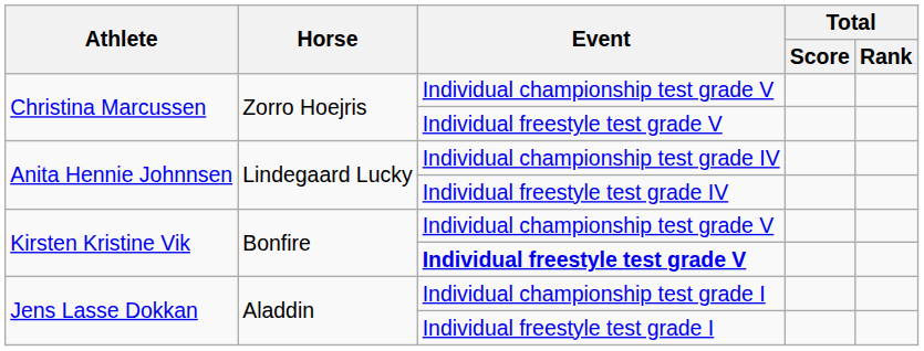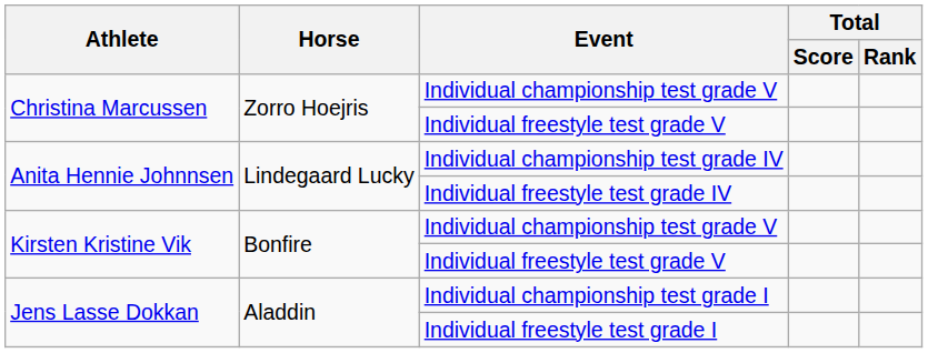 <table class=wikitable style="font-size:90%">
 <tr>
 <th rowspan="2">Athlete</th>
 <th rowspan="2">Horse</th>
 <th rowspan="2">Event</th>
 <th colspan="2">Total</th>
 </tr>
 <tr>
 <th>Score</th>
 <th>Rank</th>
 </tr>
 <tr>
 <td rowspan="2"><a href='#'>Christina Marcussen</a></td>
 <td rowspan="2">Zorro Hoejris</td>
 <td><a href='#'>Individual championship test grade V</a></td>
 <td align=center></td>
 <td align=center></td>
 </tr>
 <tr>
 <td><a href='#'>Individual freestyle test grade V</a></td>
 <td align=center></td>
 <td align=center></td>
 </tr>
 <tr>
 <td rowspan="2"><a href='#'>Anita Hennie Johnnsen</a></td>
 <td rowspan="2">Lindegaard Lucky</td>
 <td><a href='#'>Individual championship test grade IV</a></td>
 <td align=center></td>
 <td align=center></td>
 </tr>
 <tr>
 <td><a href='#'>Individual freestyle test grade IV</a></td>
 <td align=center></td>
 <td align=center></td>
 </tr>
 <tr>
 <td rowspan="2"><a href='#'>Kirsten Kristine Vik</a></td>
 <td rowspan="2">Bonfire</td>
 <td><a href='#'>Individual championship test grade V</a></td>
 <td align=center></td>
 <td align=center></td>
 </tr>
 <tr>
-<td><strong><a href='#'>Individual freestyle test grade V</a></strong></td>
+<td><a href='#'>Individual freestyle test grade V</a></td>
 <td align=center></td>
 <td align=center></td>
 </tr>
 <tr>
 <td rowspan="2"><a href='#'>Jens Lasse Dokkan</a></td>
 <td rowspan="2">Aladdin</td>
 <td><a href='#'>Individual championship test grade I</a></td>
 <td align=center></td>
 <td align=center></td>
 </tr>
 <tr>
 <td><a href='#'>Individual freestyle test grade I</a></td>
 <td align=center></td>
 <td align=center></td>
 </tr>
 </table>
